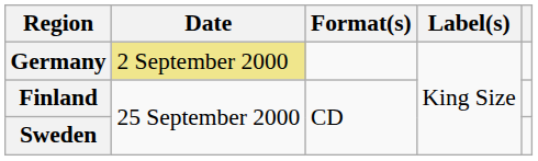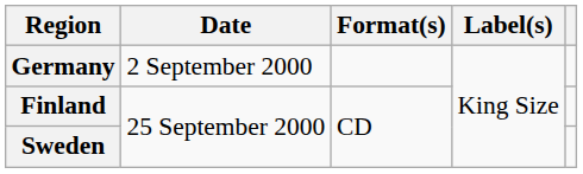 <table class="wikitable plainrowheaders">
 <tr>
 <th scope="col">Region</th>
 <th scope="col">Date</th>
 <th scope="col">Format(s)</th>
 <th scope="col">Label(s)</th>
 <th scope="col"></th>
 </tr>
 <tr>
 <th scope="row">Germany</th>
-<td style="background: khaki;">2 September 2000</td>
+<td>2 September 2000</td>
 <td></td>
 <td rowspan="3">King Size</td>
 <td></td>
 </tr>
 <tr>
 <th scope="row">Finland</th>
 <td rowspan="2">25 September 2000</td>
 <td rowspan="2">CD</td>
 <td></td>
 </tr>
 <tr>
 <th scope="row">Sweden</th>
 <td></td>
 </tr>
 </table>
